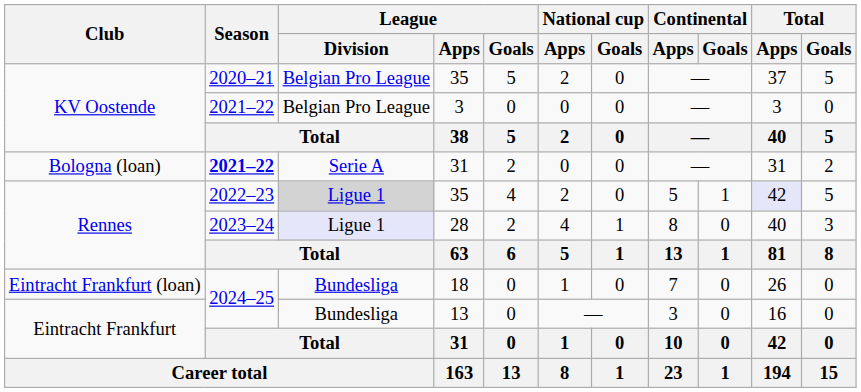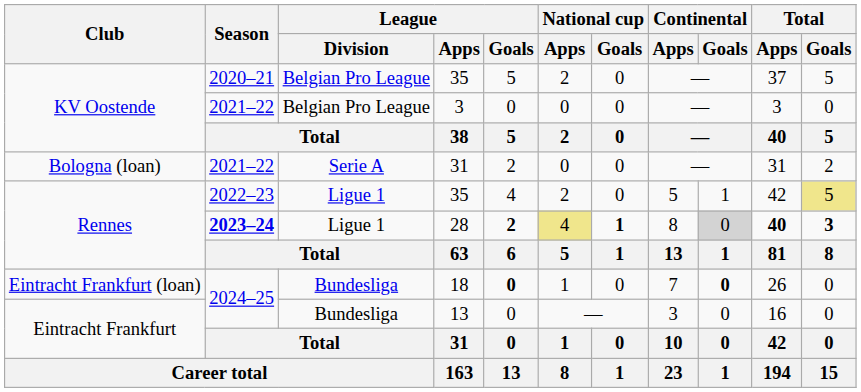 <table class="wikitable" style="text-align: center;">
 <tr>
 <th rowspan="2">Club</th>
 <th rowspan="2">Season</th>
 <th colspan="3">League</th>
 <th colspan="2">National cup</th>
 <th colspan="2">Continental</th>
 <th colspan="2">Total</th>
 </tr>
 <tr>
 <th>Division</th>
 <th>Apps</th>
 <th>Goals</th>
 <th>Apps</th>
 <th>Goals</th>
 <th>Apps</th>
 <th>Goals</th>
 <th>Apps</th>
 <th>Goals</th>
 </tr>
 <tr>
 <td rowspan="3"><a href='#'>KV Oostende</a></td>
 <td><a href='#'>2020–21</a></td>
 <td><a href='#'>Belgian Pro League</a></td>
 <td>35</td>
 <td>5</td>
 <td>2</td>
 <td>0</td>
 <td colspan="2">—</td>
 <td>37</td>
 <td>5</td>
 </tr>
 <tr>
 <td><a href='#'>2021–22</a></td>
 <td>Belgian Pro League</td>
 <td>3</td>
 <td>0</td>
 <td>0</td>
 <td>0</td>
 <td colspan="2">—</td>
 <td>3</td>
 <td>0</td>
 </tr>
 <tr>
 <th colspan="2">Total</th>
 <th>38</th>
 <th>5</th>
 <th>2</th>
 <th>0</th>
 <th colspan="2">—</th>
 <th>40</th>
 <th>5</th>
 </tr>
 <tr>
 <td><a href='#'>Bologna</a> (loan)</td>
-<td><strong><a href='#'>2021–22</a></strong></td>
+<td><a href='#'>2021–22</a></td>
 <td><a href='#'>Serie A</a></td>
 <td>31</td>
 <td>2</td>
 <td>0</td>
 <td>0</td>
 <td colspan="2">—</td>
 <td>31</td>
 <td>2</td>
 </tr>
 <tr>
 <td rowspan="3"><a href='#'>Rennes</a></td>
 <td><a href='#'>2022–23</a></td>
-<td style="background: lightgrey;"><a href='#'>Ligue 1</a></td>
+<td><a href='#'>Ligue 1</a></td>
 <td>35</td>
 <td>4</td>
 <td>2</td>
 <td>0</td>
 <td>5</td>
 <td>1</td>
-<td style="background: lavender;">42</td>
-<td>5</td>
+<td>42</td>
+<td style="background: khaki;">5</td>
 </tr>
 <tr>
-<td><a href='#'>2023–24</a></td>
-<td style="background: lavender;">Ligue 1</td>
+<td><strong><a href='#'>2023–24</a></strong></td>
+<td>Ligue 1</td>
 <td>28</td>
-<td>2</td>
-<td>4</td>
-<td>1</td>
+<td><strong>2</strong></td>
+<td style="background: khaki;">4</td>
+<td><strong>1</strong></td>
 <td>8</td>
-<td>0</td>
-<td>40</td>
-<td>3</td>
+<td style="background: lightgrey;">0</td>
+<td><strong>40</strong></td>
+<td><strong>3</strong></td>
 </tr>
 <tr>
 <th colspan="2">Total</th>
 <th>63</th>
 <th>6</th>
 <th>5</th>
 <th>1</th>
 <th>13</th>
 <th>1</th>
 <th>81</th>
 <th>8</th>
 </tr>
 <tr>
 <td><a href='#'>Eintracht Frankfurt</a> (loan)</td>
 <td rowspan="2"><a href='#'>2024–25</a></td>
 <td><a href='#'>Bundesliga</a></td>
 <td>18</td>
-<td>0</td>
+<td><strong>0</strong></td>
 <td>1</td>
 <td>0</td>
 <td>7</td>
-<td>0</td>
+<td><strong>0</strong></td>
 <td>26</td>
 <td>0</td>
 </tr>
 <tr>
 <td rowspan="2">Eintracht Frankfurt</td>
 <td>Bundesliga</td>
 <td>13</td>
 <td>0</td>
 <td colspan="2">—</td>
 <td>3</td>
 <td>0</td>
 <td>16</td>
 <td>0</td>
 </tr>
 <tr>
 <th colspan="2">Total</th>
 <th>31</th>
 <th>0</th>
 <th>1</th>
 <th>0</th>
 <th>10</th>
 <th>0</th>
 <th>42</th>
 <th>0</th>
 </tr>
 <tr>
 <th colspan="3">Career total</th>
 <th>163</th>
 <th>13</th>
 <th>8</th>
 <th>1</th>
 <th>23</th>
 <th>1</th>
 <th>194</th>
 <th>15</th>
 </tr>
 </table>
